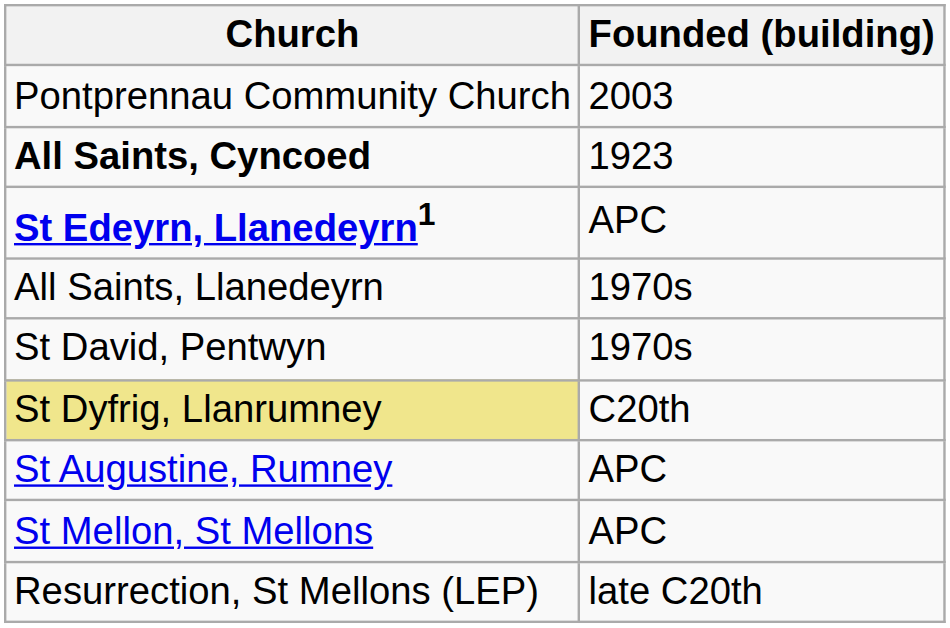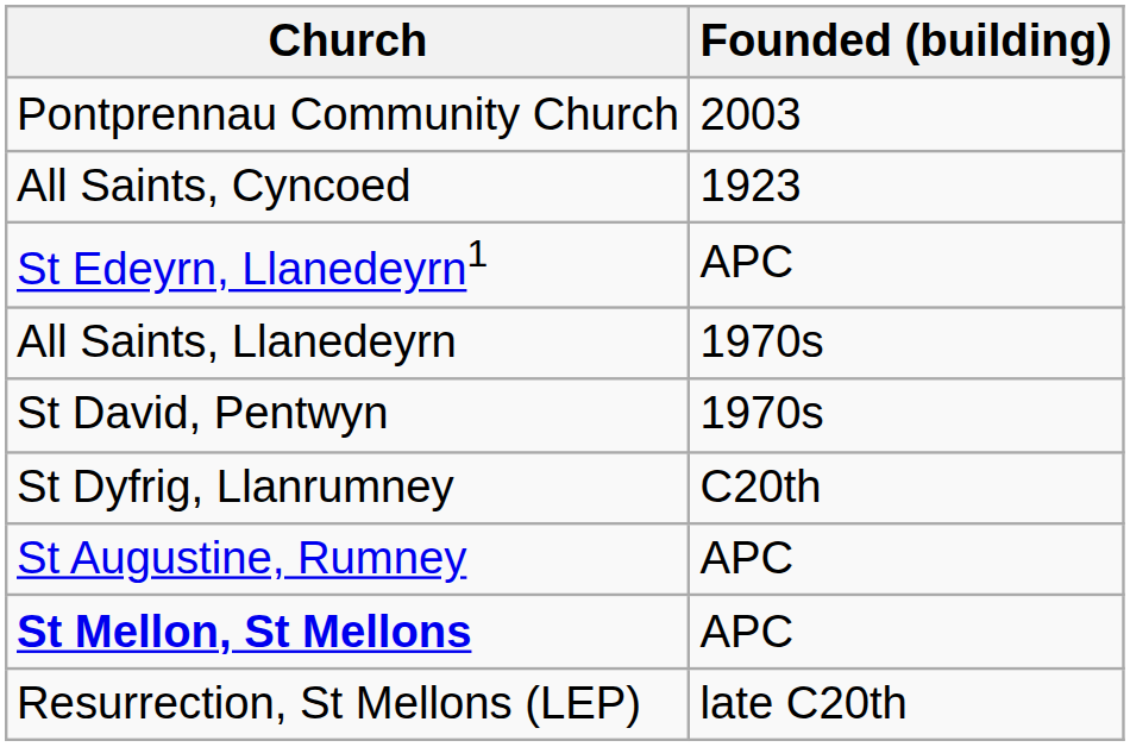 <table class="wikitable">
 <tr>
 <th>Church</th>
 <th colspan="2">Founded (building)</th>
 </tr>
 <tr>
 <td>Pontprennau Community Church</td>
 <td colspan="2">2003</td>
 </tr>
 <tr>
-<td><strong>All Saints, Cyncoed</strong></td>
+<td>All Saints, Cyncoed</td>
 <td colspan="2">1923</td>
 </tr>
 <tr>
-<td><strong><a href='#'>St Edeyrn, Llanedeyrn</a><sup>1</sup></strong></td>
+<td><a href='#'>St Edeyrn, Llanedeyrn</a><sup>1</sup></td>
 <td colspan="2">APC</td>
 </tr>
 <tr>
 <td>All Saints, Llanedeyrn</td>
 <td colspan="2">1970s</td>
 </tr>
 <tr>
 <td>St David, Pentwyn</td>
 <td colspan="2">1970s</td>
 </tr>
 <tr>
-<td style="background: khaki;">St Dyfrig, Llanrumney</td>
+<td>St Dyfrig, Llanrumney</td>
 <td colspan="2">C20th</td>
 </tr>
 <tr>
 <td><a href='#'>St Augustine, Rumney</a></td>
 <td colspan="2">APC</td>
 </tr>
 <tr>
-<td><a href='#'>St Mellon, St Mellons</a></td>
+<td><strong><a href='#'>St Mellon, St Mellons</a></strong></td>
 <td colspan="2">APC</td>
 </tr>
 <tr>
 <td>Resurrection, St Mellons (LEP)</td>
 <td colspan="2">late C20th</td>
 </tr>
 </table>
